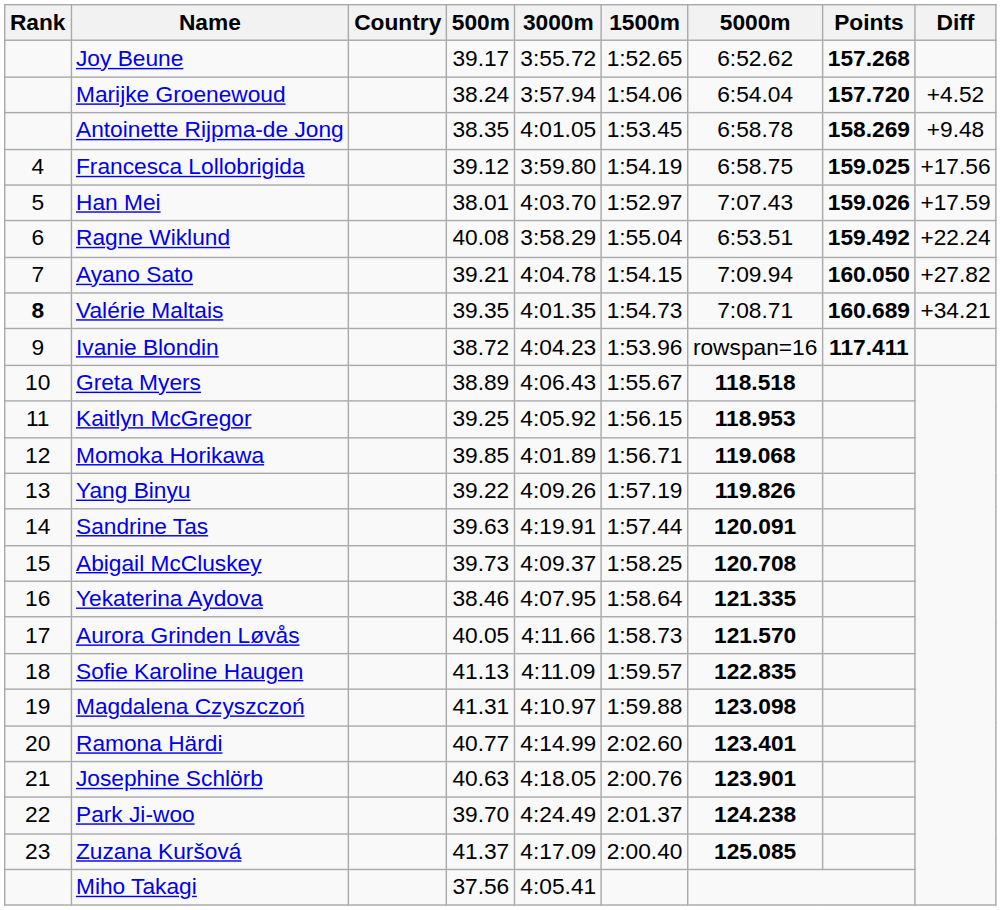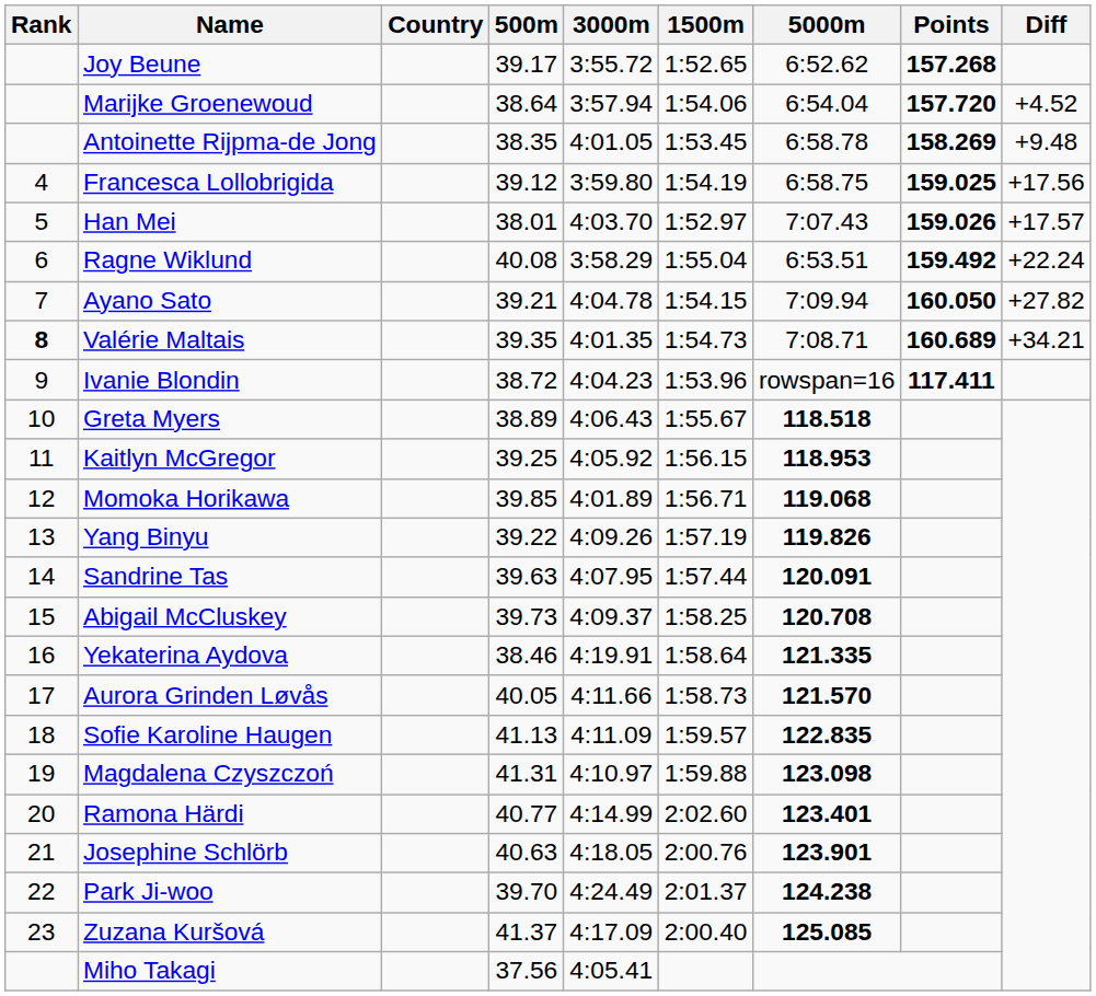 <table class="wikitable sortable" style="text-align:center">
 <tr>
 <th>Rank</th>
 <th>Name</th>
 <th>Country</th>
 <th>500m</th>
 <th>3000m</th>
 <th>1500m</th>
 <th>5000m</th>
 <th>Points</th>
 <th>Diff</th>
 </tr>
 <tr>
 <td></td>
 <td align=left><a href='#'>Joy Beune</a></td>
 <td align=left></td>
 <td>39.17</td>
 <td>3:55.72</td>
 <td>1:52.65</td>
 <td>6:52.62</td>
 <td><strong>157.268</strong></td>
 <td></td>
 </tr>
 <tr>
 <td></td>
 <td align=left><a href='#'>Marijke Groenewoud</a></td>
 <td align=left></td>
-<td>38.24</td>
+<td>38.64</td>
 <td>3:57.94</td>
 <td>1:54.06</td>
 <td>6:54.04</td>
 <td><strong>157.720</strong></td>
 <td>+4.52</td>
 </tr>
 <tr>
 <td></td>
 <td align=left><a href='#'>Antoinette Rijpma-de Jong</a></td>
 <td align=left></td>
 <td>38.35</td>
 <td>4:01.05</td>
 <td>1:53.45</td>
 <td>6:58.78</td>
 <td><strong>158.269</strong></td>
 <td>+9.48</td>
 </tr>
 <tr>
 <td>4</td>
 <td align=left><a href='#'>Francesca Lollobrigida</a></td>
 <td align=left></td>
 <td>39.12</td>
 <td>3:59.80</td>
 <td>1:54.19</td>
 <td>6:58.75</td>
 <td><strong>159.025</strong></td>
 <td>+17.56</td>
 </tr>
 <tr>
 <td>5</td>
 <td align=left><a href='#'>Han Mei</a></td>
 <td align=left></td>
 <td>38.01</td>
 <td>4:03.70</td>
 <td>1:52.97</td>
 <td>7:07.43</td>
 <td><strong>159.026</strong></td>
-<td>+17.59</td>
+<td>+17.57</td>
 </tr>
 <tr>
 <td>6</td>
 <td align=left><a href='#'>Ragne Wiklund</a></td>
 <td align=left></td>
 <td>40.08</td>
 <td>3:58.29</td>
 <td>1:55.04</td>
 <td>6:53.51</td>
 <td><strong>159.492</strong></td>
 <td>+22.24</td>
 </tr>
 <tr>
 <td>7</td>
 <td align=left><a href='#'>Ayano Sato</a></td>
 <td align=left></td>
 <td>39.21</td>
 <td>4:04.78</td>
 <td>1:54.15</td>
 <td>7:09.94</td>
 <td><strong>160.050</strong></td>
 <td>+27.82</td>
 </tr>
 <tr>
 <td><strong>8</strong></td>
 <td align=left><a href='#'>Valérie Maltais</a></td>
 <td align=left></td>
 <td>39.35</td>
 <td>4:01.35</td>
 <td>1:54.73</td>
 <td>7:08.71</td>
 <td><strong>160.689</strong></td>
 <td>+34.21</td>
 </tr>
 <tr>
 <td>9</td>
 <td align=left><a href='#'>Ivanie Blondin</a></td>
 <td align=left></td>
 <td>38.72</td>
 <td>4:04.23</td>
 <td>1:53.96</td>
 <td>rowspan=16 </td>
 <td><strong>117.411</strong></td>
 <td></td>
 </tr>
 <tr>
 <td>10</td>
 <td align=left><a href='#'>Greta Myers</a></td>
 <td align=left></td>
 <td>38.89</td>
 <td>4:06.43</td>
 <td>1:55.67</td>
 <td><strong>118.518</strong></td>
 <td></td>
 </tr>
 <tr>
 <td>11</td>
 <td align=left><a href='#'>Kaitlyn McGregor</a></td>
 <td align=left></td>
 <td>39.25</td>
 <td>4:05.92</td>
 <td>1:56.15</td>
 <td><strong>118.953</strong></td>
 <td></td>
 </tr>
 <tr>
 <td>12</td>
 <td align=left><a href='#'>Momoka Horikawa</a></td>
 <td align=left></td>
 <td>39.85</td>
 <td>4:01.89</td>
 <td>1:56.71</td>
 <td><strong>119.068</strong></td>
 <td></td>
 </tr>
 <tr>
 <td>13</td>
 <td align=left><a href='#'>Yang Binyu</a></td>
 <td align=left></td>
 <td>39.22</td>
 <td>4:09.26</td>
 <td>1:57.19</td>
 <td><strong>119.826</strong></td>
 <td></td>
 </tr>
 <tr>
 <td>14</td>
 <td align=left><a href='#'>Sandrine Tas</a></td>
 <td align=left></td>
 <td>39.63</td>
-<td>4:19.91</td>
+<td>4:07.95</td>
 <td>1:57.44</td>
 <td><strong>120.091</strong></td>
 <td></td>
 </tr>
 <tr>
 <td>15</td>
 <td align=left><a href='#'>Abigail McCluskey</a></td>
 <td align=left></td>
 <td>39.73</td>
 <td>4:09.37</td>
 <td>1:58.25</td>
 <td><strong>120.708</strong></td>
 <td></td>
 </tr>
 <tr>
 <td>16</td>
 <td align=left><a href='#'>Yekaterina Aydova</a></td>
 <td align=left></td>
 <td>38.46</td>
-<td>4:07.95</td>
+<td>4:19.91</td>
 <td>1:58.64</td>
 <td><strong>121.335</strong></td>
 <td></td>
 </tr>
 <tr>
 <td>17</td>
 <td align=left><a href='#'>Aurora Grinden Løvås</a></td>
 <td align=left></td>
 <td>40.05</td>
 <td>4:11.66</td>
 <td>1:58.73</td>
 <td><strong>121.570</strong></td>
 <td></td>
 </tr>
 <tr>
 <td>18</td>
 <td align=left><a href='#'>Sofie Karoline Haugen</a></td>
 <td align=left></td>
 <td>41.13</td>
 <td>4:11.09</td>
 <td>1:59.57</td>
 <td><strong>122.835</strong></td>
 <td></td>
 </tr>
 <tr>
 <td>19</td>
 <td align=left><a href='#'>Magdalena Czyszczoń</a></td>
 <td align=left></td>
 <td>41.31</td>
 <td>4:10.97</td>
 <td>1:59.88</td>
 <td><strong>123.098</strong></td>
 <td></td>
 </tr>
 <tr>
 <td>20</td>
 <td align=left><a href='#'>Ramona Härdi</a></td>
 <td align=left></td>
 <td>40.77</td>
 <td>4:14.99</td>
 <td>2:02.60</td>
 <td><strong>123.401</strong></td>
 <td></td>
 </tr>
 <tr>
 <td>21</td>
 <td align=left><a href='#'>Josephine Schlörb</a></td>
 <td align=left></td>
 <td>40.63</td>
 <td>4:18.05</td>
 <td>2:00.76</td>
 <td><strong>123.901</strong></td>
 <td></td>
 </tr>
 <tr>
 <td>22</td>
 <td align=left><a href='#'>Park Ji-woo</a></td>
 <td align=left></td>
 <td>39.70</td>
 <td>4:24.49</td>
 <td>2:01.37</td>
 <td><strong>124.238</strong></td>
 <td></td>
 </tr>
 <tr>
 <td>23</td>
 <td align=left><a href='#'>Zuzana Kuršová</a></td>
 <td align=left></td>
 <td>41.37</td>
 <td>4:17.09</td>
 <td>2:00.40</td>
 <td><strong>125.085</strong></td>
 <td></td>
 </tr>
 <tr>
 <td></td>
 <td align=left><a href='#'>Miho Takagi</a></td>
 <td align=left></td>
 <td>37.56</td>
 <td>4:05.41</td>
 <td></td>
 <td colspan=2></td>
 </tr>
 </table>
